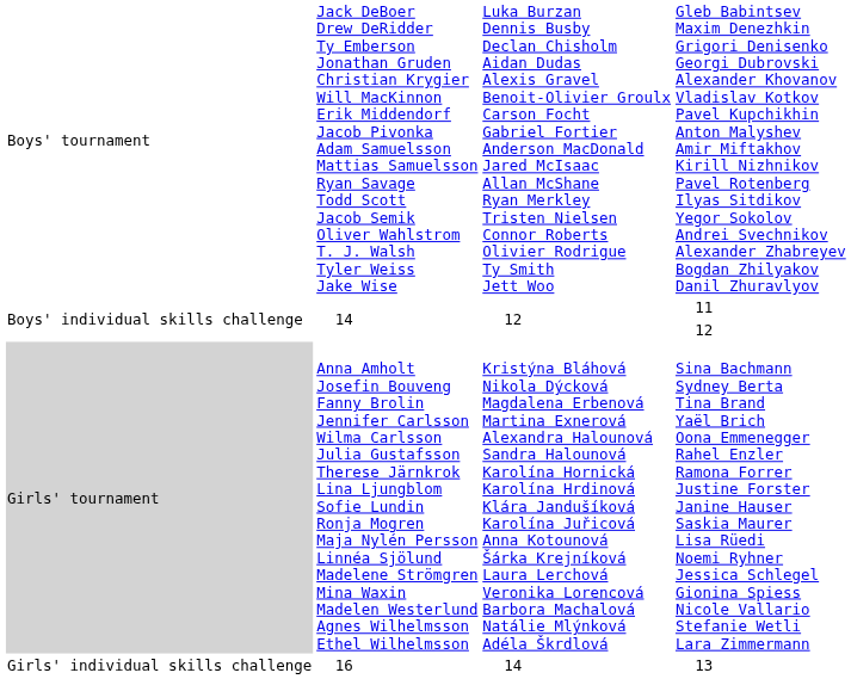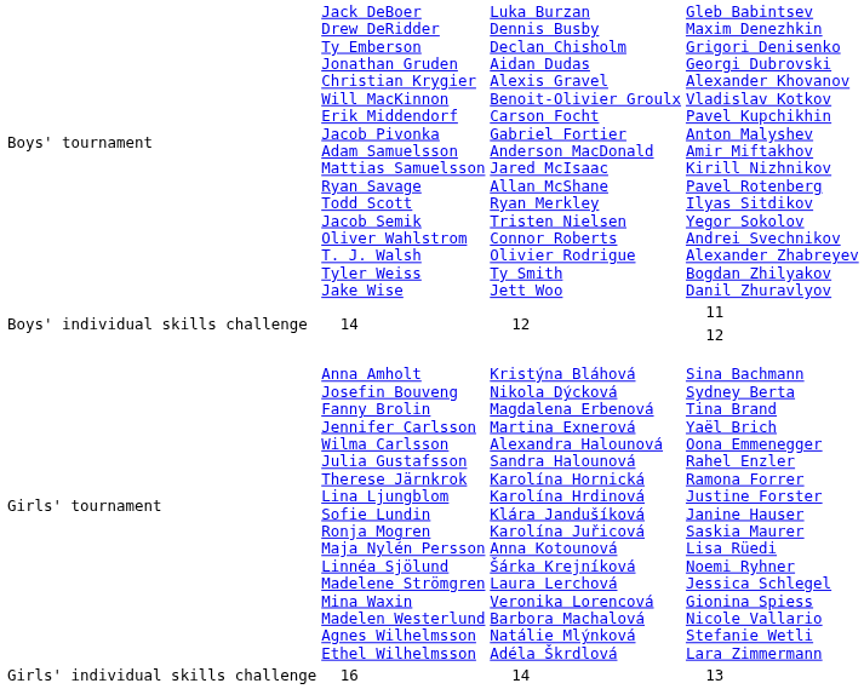 <table>
 <tr>
 <td>Boys' tournament<br></td>
 <td colspan=2><br><a href='#'>Jack DeBoer</a><br><a href='#'>Drew DeRidder</a><br><a href='#'>Ty Emberson</a><br><a href='#'>Jonathan Gruden</a><br><a href='#'>Christian Krygier</a><br><a href='#'>Will MacKinnon</a><br><a href='#'>Erik Middendorf</a><br><a href='#'>Jacob Pivonka</a><br><a href='#'>Adam Samuelsson</a><br><a href='#'>Mattias Samuelsson</a><br><a href='#'>Ryan Savage</a><br><a href='#'>Todd Scott</a><br><a href='#'>Jacob Semik</a><br><a href='#'>Oliver Wahlstrom</a><br><a href='#'>T. J. Walsh</a><br><a href='#'>Tyler Weiss</a><br><a href='#'>Jake Wise</a></td>
 <td colspan=2><br><a href='#'>Luka Burzan</a><br><a href='#'>Dennis Busby</a><br><a href='#'>Declan Chisholm</a><br><a href='#'>Aidan Dudas</a><br><a href='#'>Alexis Gravel</a><br><a href='#'>Benoit-Olivier Groulx</a><br><a href='#'>Carson Focht</a><br><a href='#'>Gabriel Fortier</a><br><a href='#'>Anderson MacDonald</a><br><a href='#'>Jared McIsaac</a><br><a href='#'>Allan McShane</a><br><a href='#'>Ryan Merkley</a><br><a href='#'>Tristen Nielsen</a><br><a href='#'>Connor Roberts</a><br><a href='#'>Olivier Rodrigue</a><br><a href='#'>Ty Smith</a><br><a href='#'>Jett Woo</a></td>
 <td colspan=2><br><a href='#'>Gleb Babintsev</a><br><a href='#'>Maxim Denezhkin</a><br><a href='#'>Grigori Denisenko</a><br><a href='#'>Georgi Dubrovski</a><br><a href='#'>Alexander Khovanov</a><br><a href='#'>Vladislav Kotkov</a><br><a href='#'>Pavel Kupchikhin</a><br><a href='#'>Anton Malyshev</a><br><a href='#'>Amir Miftakhov</a><br><a href='#'>Kirill Nizhnikov</a><br><a href='#'>Pavel Rotenberg</a><br><a href='#'>Ilyas Sitdikov</a><br><a href='#'>Yegor Sokolov</a><br><a href='#'>Andrei Svechnikov</a><br><a href='#'>Alexander Zhabreyev</a><br><a href='#'>Bogdan Zhilyakov</a><br><a href='#'>Danil Zhuravlyov</a></td>
 </tr>
 <tr>
 <td rowspan=2>Boys' individual skills challenge<br></td>
 <td rowspan=2></td>
 <td rowspan=2>14</td>
 <td rowspan=2></td>
 <td rowspan=2>12</td>
 <td></td>
 <td>11</td>
 </tr>
 <tr>
 <td></td>
 <td>12</td>
 </tr>
 <tr>
-<td style="background: lightgrey;">Girls' tournament<br></td>
+<td>Girls' tournament<br></td>
 <td colspan=2><br><a href='#'>Anna Amholt</a><br><a href='#'>Josefin Bouveng</a><br><a href='#'>Fanny Brolin</a><br><a href='#'>Jennifer Carlsson</a><br><a href='#'>Wilma Carlsson</a><br><a href='#'>Julia Gustafsson</a><br><a href='#'>Therese Järnkrok</a><br><a href='#'>Lina Ljungblom</a><br><a href='#'>Sofie Lundin</a><br><a href='#'>Ronja Mogren</a><br><a href='#'>Maja Nylén Persson</a><br><a href='#'>Linnéa Sjölund</a><br><a href='#'>Madelene Strömgren</a><br><a href='#'>Mina Waxin</a><br><a href='#'>Madelen Westerlund</a><br><a href='#'>Agnes Wilhelmsson</a><br><a href='#'>Ethel Wilhelmsson</a></td>
 <td colspan=2><br><a href='#'>Kristýna Bláhová</a><br><a href='#'>Nikola Dýcková</a><br><a href='#'>Magdalena Erbenová</a><br><a href='#'>Martina Exnerová</a><br><a href='#'>Alexandra Halounová</a><br><a href='#'>Sandra Halounová</a><br><a href='#'>Karolína Hornická</a><br><a href='#'>Karolína Hrdinová</a><br><a href='#'>Klára Jandušíková</a><br><a href='#'>Karolína Juřicová</a><br><a href='#'>Anna Kotounová</a><br><a href='#'>Šárka Krejníková</a><br><a href='#'>Laura Lerchová</a><br><a href='#'>Veronika Lorencová</a><br><a href='#'>Barbora Machalová</a><br><a href='#'>Natálie Mlýnková</a><br><a href='#'>Adéla Škrdlová</a></td>
 <td colspan=2><br><a href='#'>Sina Bachmann</a><br><a href='#'>Sydney Berta</a><br><a href='#'>Tina Brand</a><br><a href='#'>Yaël Brich</a><br><a href='#'>Oona Emmenegger</a><br><a href='#'>Rahel Enzler</a><br><a href='#'>Ramona Forrer</a><br><a href='#'>Justine Forster</a><br><a href='#'>Janine Hauser</a><br><a href='#'>Saskia Maurer</a><br><a href='#'>Lisa Rüedi</a><br><a href='#'>Noemi Ryhner</a><br><a href='#'>Jessica Schlegel</a><br><a href='#'>Gionina Spiess</a><br><a href='#'>Nicole Vallario</a><br><a href='#'>Stefanie Wetli</a><br><a href='#'>Lara Zimmermann</a></td>
 </tr>
 <tr>
 <td>Girls' individual skills challenge<br></td>
 <td></td>
 <td>16</td>
 <td></td>
 <td>14</td>
 <td></td>
 <td>13</td>
 </tr>
 </table>
